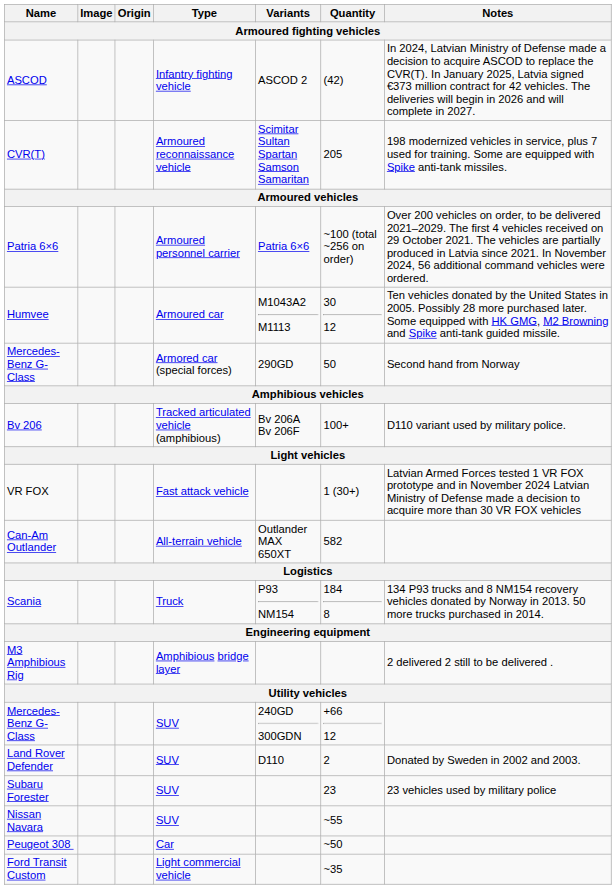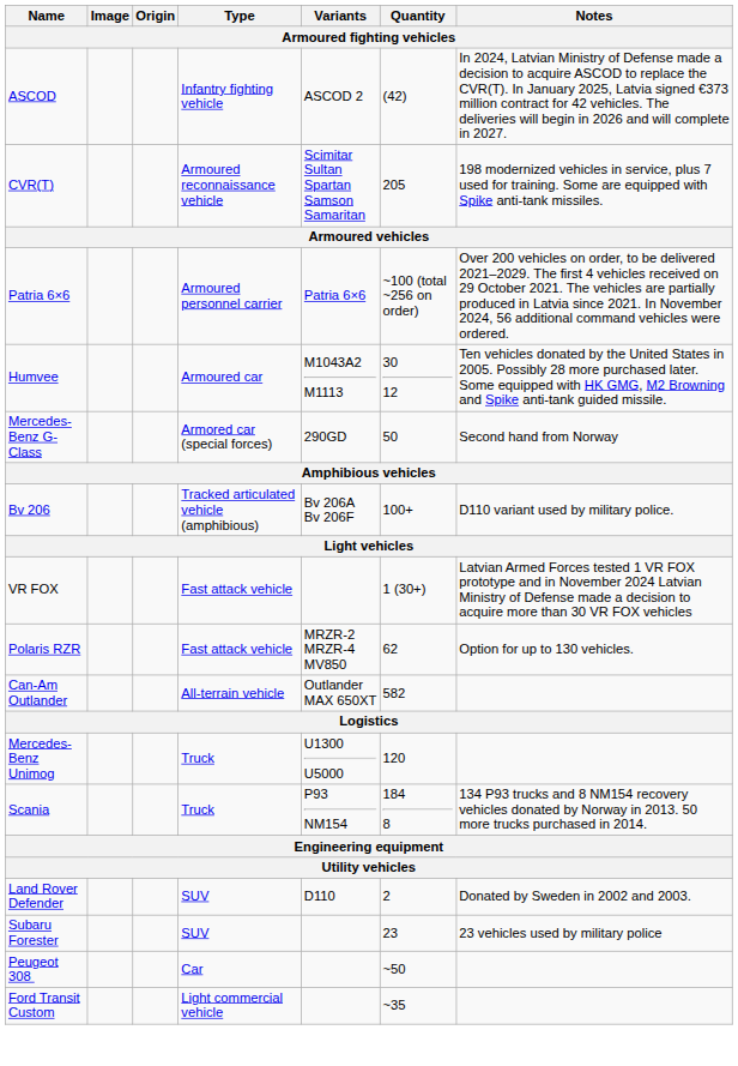 <table class="wikitable" style="font-size:100%">
 <tr>
 <th>Name</th>
 <th>Image</th>
 <th>Origin</th>
 <th>Type</th>
 <th>Variants</th>
 <th>Quantity</th>
 <th>Notes</th>
 </tr>
 <tr>
 <th colspan="7">Armoured fighting vehicles</th>
 </tr>
 <tr>
 <td><a href='#'>ASCOD</a></td>
 <td></td>
 <td><small></small></td>
 <td><a href='#'>Infantry fighting vehicle</a></td>
 <td>ASCOD 2</td>
 <td>(42)</td>
 <td>In 2024, Latvian Ministry of Defense made a decision to acquire ASCOD to replace the CVR(T). In January 2025, Latvia signed €373 million contract for 42 vehicles. The deliveries will begin in 2026 and will complete in 2027.</td>
 </tr>
 <tr>
 <td><a href='#'>CVR(T)</a></td>
 <td></td>
 <td><small></small></td>
 <td><a href='#'>Armoured reconnaissance vehicle</a></td>
 <td><a href='#'>Scimitar</a><br><a href='#'>Sultan</a><br><a href='#'>Spartan</a><br><a href='#'>Samson</a><br><a href='#'>Samaritan</a></td>
 <td>205</td>
 <td>198 modernized vehicles in service, plus 7 used for training. Some are equipped with <a href='#'>Spike</a> anti-tank missiles.</td>
 </tr>
 <tr>
 <th colspan="7">Armoured vehicles</th>
 </tr>
 <tr>
 <td><a href='#'>Patria 6×6</a></td>
 <td></td>
 <td><small></small><br><small></small></td>
 <td><a href='#'>Armoured personnel carrier</a></td>
 <td><a href='#'>Patria 6×6</a></td>
 <td>~100 (total ~256 on order)</td>
 <td>Over 200 vehicles on order, to be delivered 2021–2029. The first 4 vehicles received on 29 October 2021. The vehicles are partially produced in Latvia since 2021. In November 2024, 56 additional command vehicles were ordered.</td>
 </tr>
 <tr>
 <td><a href='#'>Humvee</a></td>
 <td></td>
 <td><small></small></td>
 <td><a href='#'>Armoured car</a></td>
 <td>M1043A2<hr>M1113</td>
 <td>30<hr>12</td>
 <td>Ten vehicles donated by the United States in 2005. Possibly 28 more purchased later. Some equipped with <a href='#'>HK GMG</a>, <a href='#'>M2 Browning</a> and <a href='#'>Spike</a> anti-tank guided missile.</td>
 </tr>
 <tr>
 <td><a href='#'>Mercedes-Benz G-Class</a></td>
 <td></td>
 <td><small></small><br><small></small></td>
 <td><a href='#'>Armored car</a> (special forces)</td>
 <td>290GD</td>
 <td>50</td>
 <td> Second hand from Norway</td>
 </tr>
 <tr>
 <th colspan="7">Amphibious vehicles</th>
 </tr>
 <tr>
 <td><a href='#'>Bv 206</a></td>
 <td></td>
 <td><small></small></td>
 <td><a href='#'>Tracked articulated vehicle</a> (amphibious)</td>
 <td>Bv 206A<br>Bv 206F</td>
 <td>100+</td>
 <td>D110 variant used by military police.</td>
 </tr>
 <tr>
 <th colspan="7">Light vehicles</th>
 </tr>
 <tr>
 <td>VR FOX</td>
 <td></td>
 <td><small></small></td>
 <td><a href='#'>Fast attack vehicle</a></td>
 <td></td>
 <td>1 (30+)</td>
 <td>Latvian Armed Forces tested 1 VR FOX prototype and in November 2024 Latvian Ministry of Defense made a decision to acquire more than 30 VR FOX vehicles</td>
 </tr>
 <tr>
+<td><a href='#'>Polaris RZR</a></td>
+<td></td>
+<td><small></small></td>
+<td><a href='#'>Fast attack vehicle</a></td>
+<td>MRZR-2<br>MRZR-4<br>MV850</td>
+<td>62</td>
+<td>Option for up to 130 vehicles.</td>
+</tr>
+<tr>
 <td><a href='#'>Can-Am Outlander</a></td>
 <td></td>
 <td><small></small><br><small></small></td>
 <td><a href='#'>All-terrain vehicle</a></td>
 <td>Outlander MAX 650XT</td>
 <td>582</td>
 <td></td>
 </tr>
 <tr>
 <th colspan="7" style="align: center;">Logistics</th>
+</tr>
+<tr>
+<td><a href='#'>Mercedes-Benz Unimog</a></td>
+<td></td>
+<td><small></small></td>
+<td><a href='#'>Truck</a></td>
+<td>U1300<hr>U5000</td>
+<td>120</td>
+<td></td>
 </tr>
 <tr>
 <td><a href='#'>Scania</a></td>
 <td></td>
 <td><small></small></td>
 <td><a href='#'>Truck</a></td>
 <td>P93<hr>NM154</td>
 <td>184<hr>8</td>
 <td>134 P93 trucks and 8 NM154 recovery vehicles donated by Norway in 2013. 50 more trucks purchased in 2014.</td>
 </tr>
 <tr>
 <th colspan="7">Engineering equipment</th>
 </tr>
 <tr>
-<td><a href='#'>M3 Amphibious Rig</a></td>
-<td></td>
-<td><small></small></td>
-<td><a href='#'>Amphibious</a> <a href='#'>bridge layer</a></td>
-<td></td>
-<td></td>
-<td>2 delivered 2 still to be delivered .</td>
-</tr>
-<tr>
 <th colspan="7">Utility vehicles</th>
-</tr>
-<tr>
-<td><a href='#'>Mercedes-Benz G-Class</a></td>
-<td></td>
-<td><small></small><br><small></small></td>
-<td><a href='#'>SUV</a></td>
-<td>240GD<hr>300GDN</td>
-<td>+66<hr>12</td>
-<td></td>
 </tr>
 <tr>
 <td><a href='#'>Land Rover Defender</a></td>
 <td></td>
 <td><small></small></td>
 <td><a href='#'>SUV</a></td>
 <td>D110</td>
 <td>2</td>
 <td>Donated by Sweden in 2002 and 2003.</td>
 </tr>
 <tr>
 <td><a href='#'>Subaru Forester</a></td>
 <td></td>
 <td><small></small></td>
 <td><a href='#'>SUV</a></td>
 <td></td>
 <td>23</td>
 <td>23 vehicles used by military police </td>
 </tr>
 <tr>
-<td><a href='#'>Nissan Navara</a></td>
-<td></td>
-<td><small></small></td>
-<td><a href='#'>SUV</a></td>
-<td></td>
-<td>~55</td>
-<td></td>
-</tr>
-<tr>
 <td><a href='#'>Peugeot 308 </a></td>
 <td></td>
 <td><small></small></td>
 <td><a href='#'>Car</a></td>
 <td></td>
 <td>~50</td>
 <td></td>
 </tr>
 <tr>
 <td><a href='#'>Ford Transit Custom</a></td>
 <td></td>
 <td><small></small><br><small></small></td>
 <td><a href='#'>Light commercial vehicle</a></td>
 <td></td>
 <td>~35</td>
 <td></td>
 </tr>
 </table>
